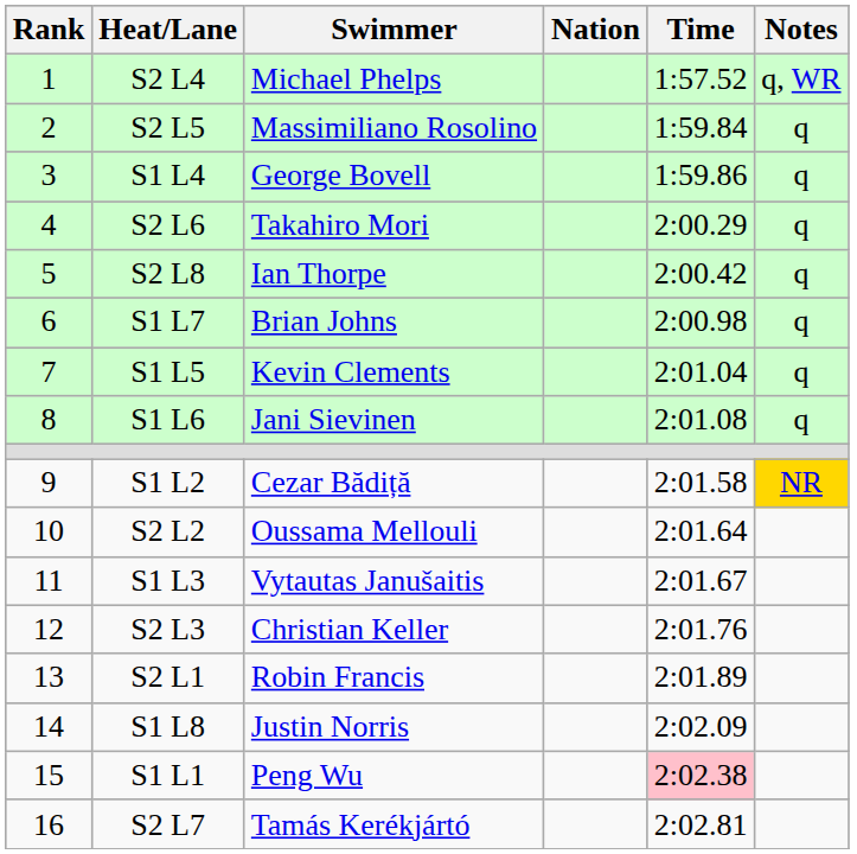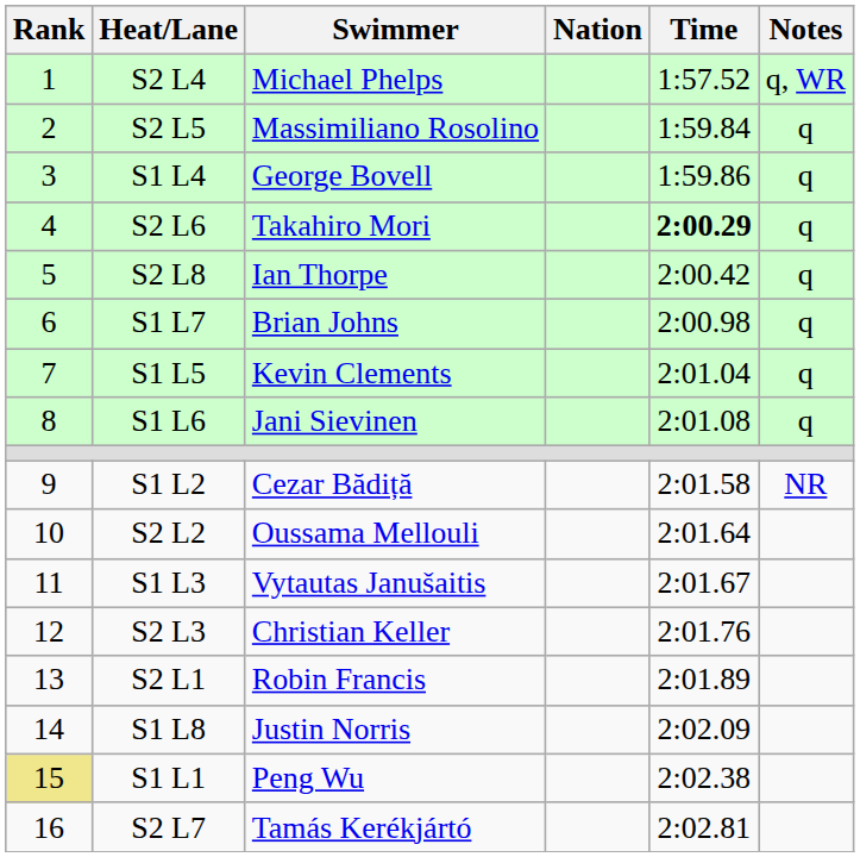 <table class="wikitable sortable" style="text-align:center">
 <tr>
 <th>Rank</th>
 <th>Heat/Lane</th>
 <th>Swimmer</th>
 <th>Nation</th>
 <th>Time</th>
 <th>Notes</th>
 </tr>
 <tr bgcolor=#ccffcc>
 <td>1</td>
 <td>S2 L4</td>
 <td align=left><a href='#'>Michael Phelps</a></td>
 <td align=left></td>
 <td>1:57.52</td>
 <td>q, <a href='#'>WR</a></td>
 </tr>
 <tr bgcolor=#ccffcc>
 <td>2</td>
 <td>S2 L5</td>
 <td align=left><a href='#'>Massimiliano Rosolino</a></td>
 <td align=left></td>
 <td>1:59.84</td>
 <td>q</td>
 </tr>
 <tr bgcolor=#ccffcc>
 <td>3</td>
 <td>S1 L4</td>
 <td align=left><a href='#'>George Bovell</a></td>
 <td align=left></td>
 <td>1:59.86</td>
 <td>q</td>
 </tr>
 <tr bgcolor=#ccffcc>
 <td>4</td>
 <td>S2 L6</td>
 <td align=left><a href='#'>Takahiro Mori</a></td>
 <td align=left></td>
-<td>2:00.29</td>
+<td><strong>2:00.29</strong></td>
 <td>q</td>
 </tr>
 <tr bgcolor=#ccffcc>
 <td>5</td>
 <td>S2 L8</td>
 <td align=left><a href='#'>Ian Thorpe</a></td>
 <td align=left></td>
 <td>2:00.42</td>
 <td>q</td>
 </tr>
 <tr bgcolor=#ccffcc>
 <td>6</td>
 <td>S1 L7</td>
 <td align=left><a href='#'>Brian Johns</a></td>
 <td align=left></td>
 <td>2:00.98</td>
 <td>q</td>
 </tr>
 <tr bgcolor=#ccffcc>
 <td>7</td>
 <td>S1 L5</td>
 <td align=left><a href='#'>Kevin Clements</a></td>
 <td align=left></td>
 <td>2:01.04</td>
 <td>q</td>
 </tr>
 <tr bgcolor=#ccffcc>
 <td>8</td>
 <td>S1 L6</td>
 <td align=left><a href='#'>Jani Sievinen</a></td>
 <td align=left></td>
 <td>2:01.08</td>
 <td>q</td>
 </tr>
 <tr bgcolor=#DDDDDD>
 <td colspan=6></td>
 </tr>
 <tr>
 <td>9</td>
 <td>S1 L2</td>
 <td align=left><a href='#'>Cezar Bădiță</a></td>
 <td align=left></td>
 <td>2:01.58</td>
-<td style="background: gold;"><a href='#'>NR</a></td>
+<td><a href='#'>NR</a></td>
 </tr>
 <tr>
 <td>10</td>
 <td>S2 L2</td>
 <td align=left><a href='#'>Oussama Mellouli</a></td>
 <td align=left></td>
 <td>2:01.64</td>
 <td></td>
 </tr>
 <tr>
 <td>11</td>
 <td>S1 L3</td>
 <td align=left><a href='#'>Vytautas Janušaitis</a></td>
 <td align=left></td>
 <td>2:01.67</td>
 <td></td>
 </tr>
 <tr>
 <td>12</td>
 <td>S2 L3</td>
 <td align=left><a href='#'>Christian Keller</a></td>
 <td align=left></td>
 <td>2:01.76</td>
 <td></td>
 </tr>
 <tr>
 <td>13</td>
 <td>S2 L1</td>
 <td align=left><a href='#'>Robin Francis</a></td>
 <td align=left></td>
 <td>2:01.89</td>
 <td></td>
 </tr>
 <tr>
 <td>14</td>
 <td>S1 L8</td>
 <td align=left><a href='#'>Justin Norris</a></td>
 <td align=left></td>
 <td>2:02.09</td>
 <td></td>
 </tr>
 <tr>
-<td>15</td>
+<td style="background: khaki;">15</td>
 <td>S1 L1</td>
 <td align=left><a href='#'>Peng Wu</a></td>
 <td align=left></td>
-<td style="background: pink;">2:02.38</td>
+<td>2:02.38</td>
 <td></td>
 </tr>
 <tr>
 <td>16</td>
 <td>S2 L7</td>
 <td align=left><a href='#'>Tamás Kerékjártó</a></td>
 <td align=left></td>
 <td>2:02.81</td>
 <td></td>
 </tr>
 <tr>
 </tr>
 </table>
